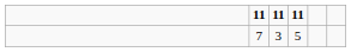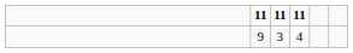 <table class="wikitable">
 <tr>
 <td style="width:18em"><strong></strong></td>
 <td align=center style="width:1em"><strong>11</strong></td>
 <td align=center style="width:1em"><strong>11</strong></td>
 <td align=center style="width:1em"><strong>11</strong></td>
 <td align=center style="width:1em"></td>
 <td align=center style="width:1em"></td>
 </tr>
 <tr>
 <td style="width:18em"></td>
-<td align=center style="width:1em">7</td>
+<td align=center style="width:1em">9</td>
 <td align=center style="width:1em">3</td>
-<td align=center style="width:1em">5</td>
+<td align=center style="width:1em">4</td>
 <td align=center style="width:1em"></td>
 <td align=center style="width:1em"></td>
 </tr>
 </table>
